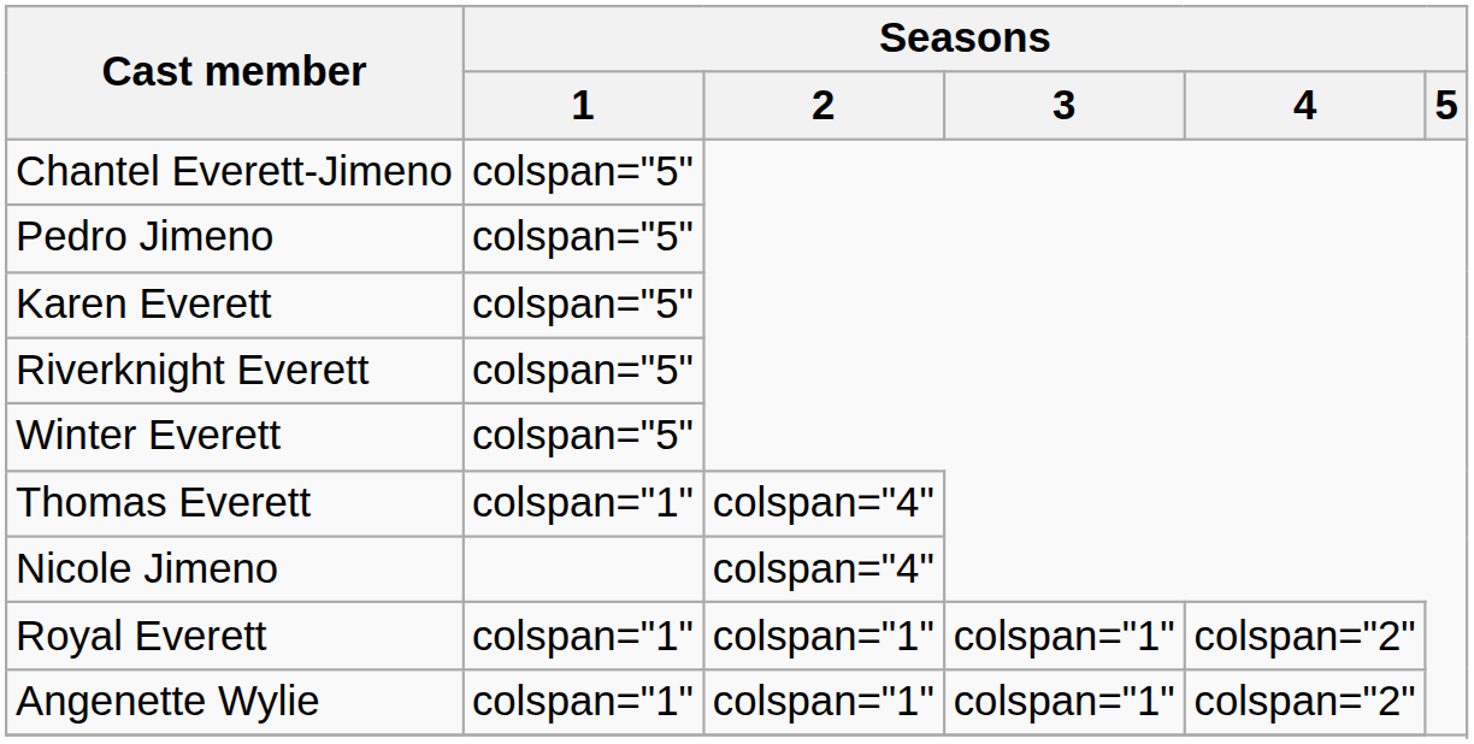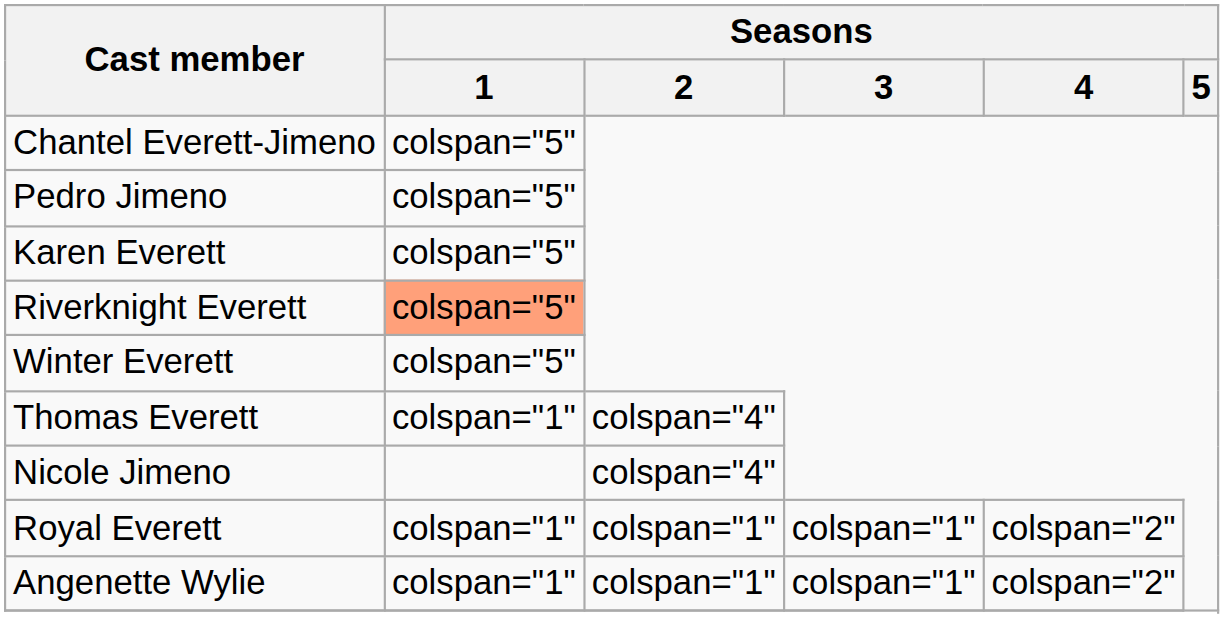 <table class="wikitable plainrowheaders" width="60%">
 <tr>
 <th scope="col" rowspan="2" style="width:15%;">Cast member</th>
 <th scope="col" colspan="5">Seasons</th>
 </tr>
 <tr>
 <th scope="col" style="width:10%;">1</th>
 <th scope="col" style="width:10%;">2</th>
 <th scope="col" style="width:10%;">3</th>
 <th scope="col" style="width:10%;">4</th>
 <th scope="col" style="width:10%;">5</th>
 </tr>
 <tr>
 <td nowrap>Chantel Everett-Jimeno</td>
 <td>colspan="5" </td>
 </tr>
 <tr>
 <td nowrap>Pedro Jimeno</td>
 <td>colspan="5" </td>
 </tr>
 <tr>
 <td nowrap>Karen Everett</td>
 <td>colspan="5" </td>
 </tr>
 <tr>
 <td nowrap>Riverknight Everett</td>
-<td>colspan="5" </td>
+<td style="background: lightsalmon;">colspan="5" </td>
 </tr>
 <tr>
 <td nowrap>Winter Everett</td>
 <td>colspan="5" </td>
 </tr>
 <tr>
 <td nowrap>Thomas Everett</td>
 <td>colspan="1" </td>
 <td>colspan="4" </td>
 </tr>
 <tr>
 <td nowrap="">Nicole Jimeno</td>
 <td></td>
 <td>colspan="4" </td>
 </tr>
 <tr>
 <td nowrap>Royal Everett</td>
 <td>colspan="1" </td>
 <td>colspan="1" </td>
 <td>colspan="1" </td>
 <td>colspan="2" </td>
 </tr>
 <tr>
 <td nowrap>Angenette Wylie</td>
 <td>colspan="1" </td>
 <td>colspan="1" </td>
 <td>colspan="1" </td>
 <td>colspan="2" </td>
 </tr>
 <tr>
 </tr>
 </table>
